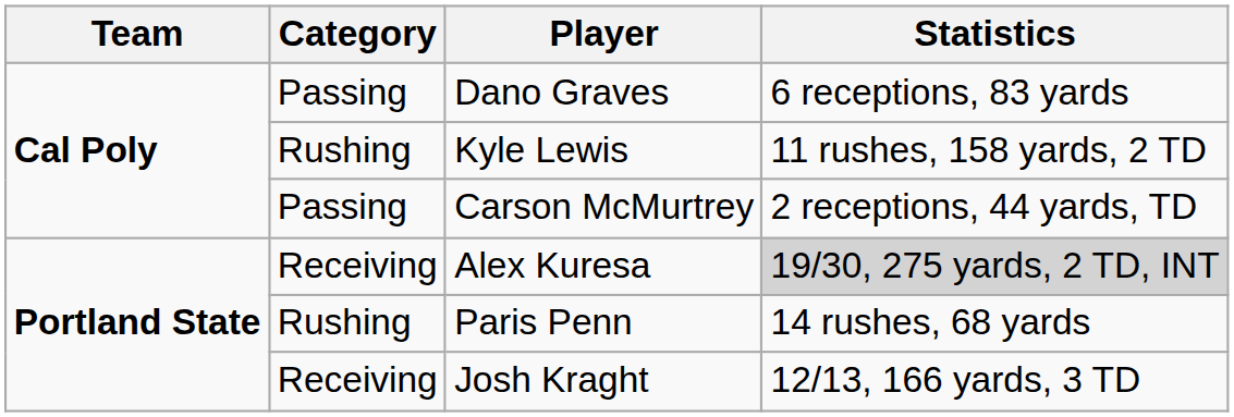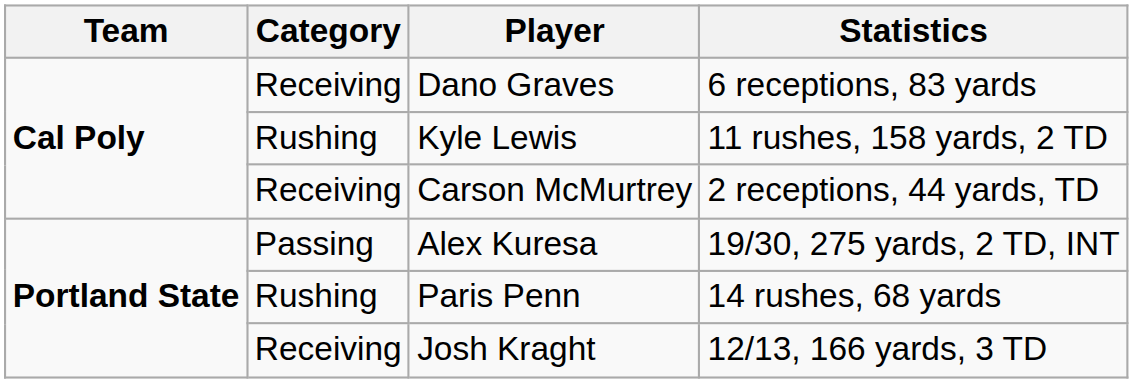 <table class="wikitable" style="float: left;">
 <tr>
 <th>Team</th>
 <th>Category</th>
 <th>Player</th>
 <th>Statistics</th>
 </tr>
 <tr>
 <td rowspan=3><strong>Cal Poly</strong></td>
-<td>Passing</td>
+<td>Receiving</td>
 <td>Dano Graves</td>
 <td>6 receptions, 83 yards</td>
 </tr>
 <tr>
 <td>Rushing</td>
 <td>Kyle Lewis</td>
 <td>11 rushes, 158 yards, 2 TD</td>
 </tr>
 <tr>
-<td>Passing</td>
+<td>Receiving</td>
 <td>Carson McMurtrey</td>
 <td>2 receptions, 44 yards, TD</td>
 </tr>
 <tr>
 <td rowspan=3><strong>Portland State</strong></td>
-<td>Receiving</td>
+<td>Passing</td>
 <td>Alex Kuresa</td>
-<td style="background: lightgrey;">19/30, 275 yards, 2 TD, INT</td>
+<td>19/30, 275 yards, 2 TD, INT</td>
 </tr>
 <tr>
 <td>Rushing</td>
 <td>Paris Penn</td>
 <td>14 rushes, 68 yards</td>
 </tr>
 <tr>
 <td>Receiving</td>
 <td>Josh Kraght</td>
 <td>12/13, 166 yards, 3 TD</td>
 </tr>
 </table>
